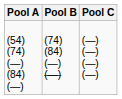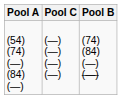 <table class="wikitable">
 <tr>
 <th width=33%>Pool A</th>
+<th width=33%>Pool C</th>
 <th width=33%>Pool B</th>
-<th width=33%>Pool C</th>
 </tr>
 <tr>
 <td valign=top><br> (54)<br>  (74)<br>  (—)<br>  (84)<br>  (—)</td>
+<td valign=top><br> (—)<br>  (—)<br>  (—)<br>  (—)</td>
 <td valign=top><br> (74)<br>  (84)<br>  (—)<br> <s> (—)</s></td>
-<td valign=top><br> (—)<br>  (—)<br>  (—)<br>  (—)</td>
 </tr>
 </table>
